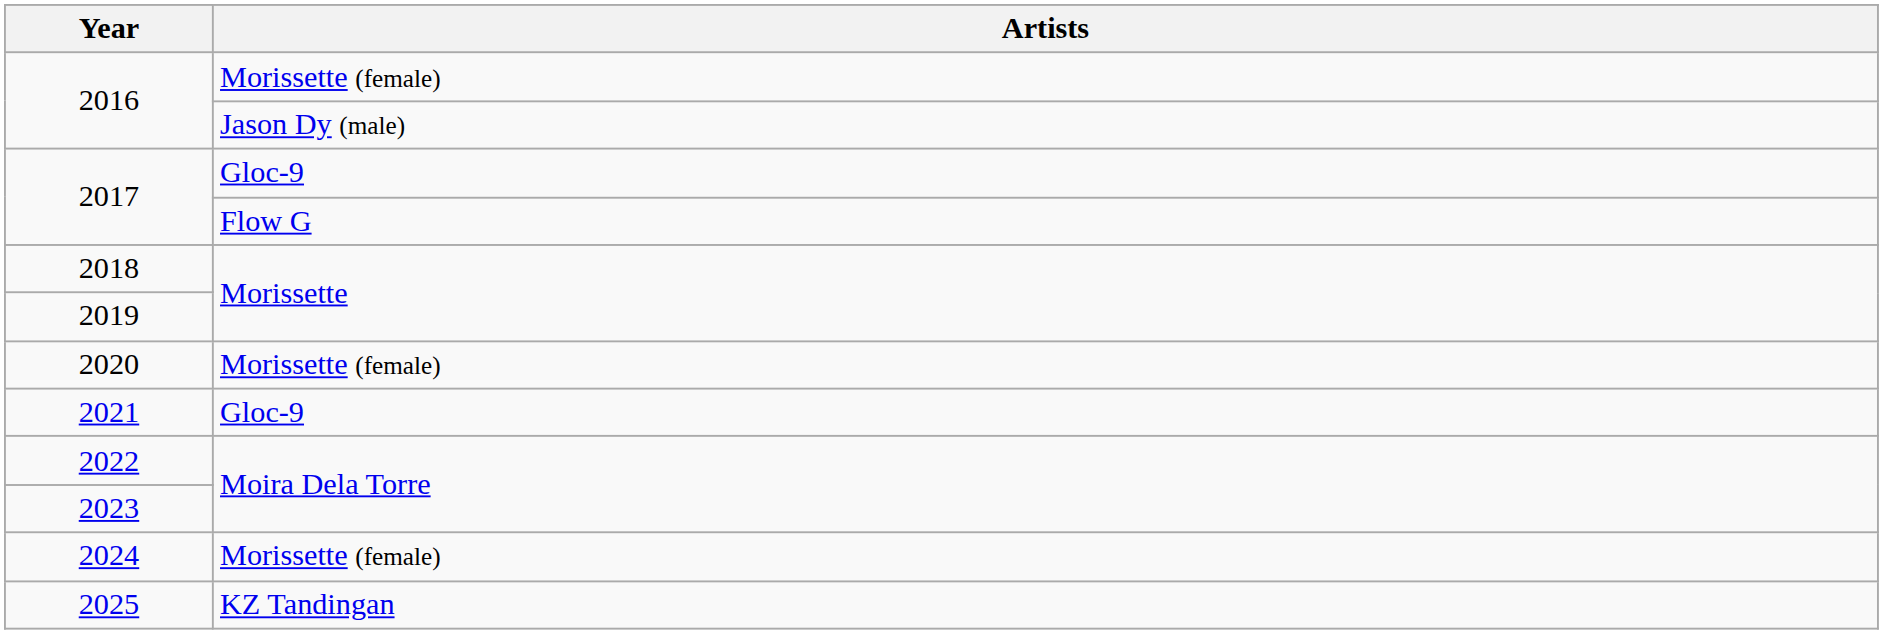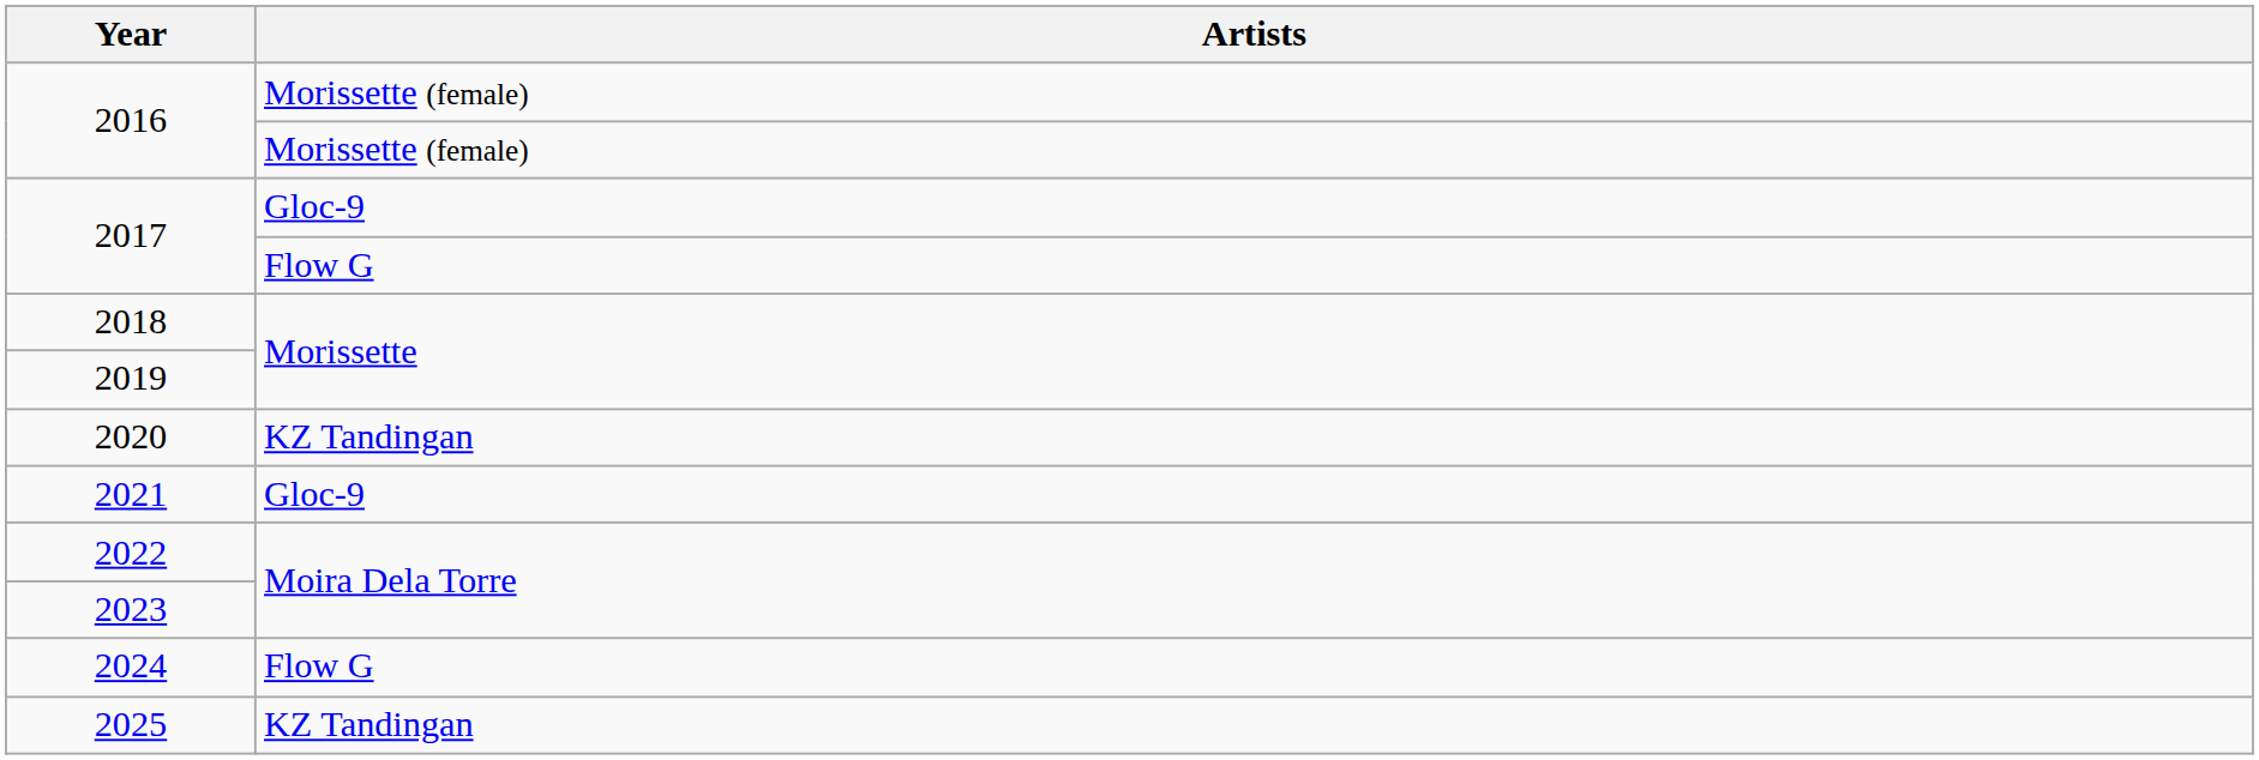 <table class="wikitable sortable"  style="width:50%;">
 <tr>
 <th width=5%  scope="col">Year</th>
 <th ! width=40%  scope="col">Artists</th>
 </tr>
 <tr>
 <td rowspan="2"  align="center">2016</td>
 <td><a href='#'>Morissette</a> <small>(female)</small></td>
 </tr>
 <tr>
-<td><a href='#'>Jason Dy</a> <small>(male)</small></td>
+<td><a href='#'>Morissette</a> <small>(female)</small></td>
 </tr>
 <tr>
 <td rowspan="2"  align="center">2017</td>
 <td><a href='#'>Gloc-9</a></td>
 </tr>
 <tr>
 <td><a href='#'>Flow G</a></td>
 </tr>
 <tr>
 <td align="center">2018</td>
 <td rowspan="2"><a href='#'>Morissette</a></td>
 </tr>
 <tr>
 <td align="center">2019</td>
 </tr>
 <tr>
 <td align="center">2020</td>
-<td><a href='#'>Morissette</a> <small>(female)</small></td>
+<td><a href='#'>KZ Tandingan</a></td>
 </tr>
 <tr>
 <td align="center"><a href='#'>2021</a></td>
 <td><a href='#'>Gloc-9</a></td>
 </tr>
 <tr>
 <td align="center"><a href='#'>2022</a></td>
 <td rowspan=2><a href='#'>Moira Dela Torre</a></td>
 </tr>
 <tr>
 <td align="center"><a href='#'>2023</a></td>
 </tr>
 <tr>
 <td align="center"><a href='#'>2024</a></td>
-<td><a href='#'>Morissette</a> <small>(female)</small></td>
+<td><a href='#'>Flow G</a></td>
 </tr>
 <tr>
 <td align="center"><a href='#'>2025</a></td>
 <td><a href='#'>KZ Tandingan</a></td>
 </tr>
 </table>
